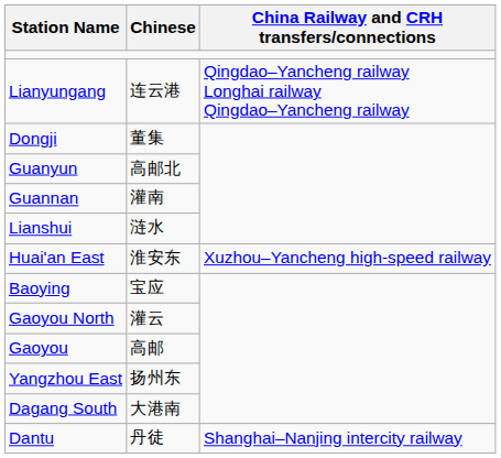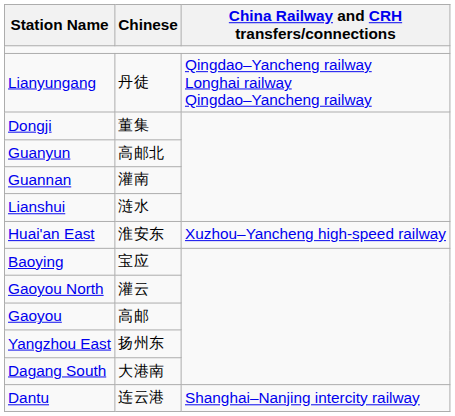 <table class="wikitable">
 <tr>
 <th>Station Name</th>
 <th>Chinese<br> </th>
 <th><a href='#'>China Railway</a> and <a href='#'>CRH</a><br>transfers/connections<br></th>
 </tr>
 <tr style="background:#">
 <td colspan = "11"></td>
 </tr>
 <tr>
 <td><a href='#'>Lianyungang</a></td>
-<td>连云港</td>
+<td>丹徒</td>
 <td><a href='#'>Qingdao–Yancheng railway</a><br><a href='#'>Longhai railway</a><br><a href='#'>Qingdao–Yancheng railway</a></td>
 </tr>
 <tr>
 <td><a href='#'>Dongji</a></td>
 <td>董集</td>
 </tr>
 <tr>
 <td><a href='#'>Guanyun</a></td>
 <td>高邮北</td>
 </tr>
 <tr>
 <td><a href='#'>Guannan</a></td>
 <td>灌南</td>
 </tr>
 <tr>
 <td><a href='#'>Lianshui</a></td>
 <td>涟水</td>
 </tr>
 <tr>
 <td><a href='#'>Huai'an East</a></td>
 <td>淮安东</td>
 <td><a href='#'>Xuzhou–Yancheng high-speed railway</a></td>
 </tr>
 <tr>
 <td><a href='#'>Baoying</a></td>
 <td>宝应</td>
 </tr>
 <tr>
 <td><a href='#'>Gaoyou North</a></td>
 <td>灌云</td>
 </tr>
 <tr>
 <td><a href='#'>Gaoyou</a></td>
 <td>高邮</td>
 </tr>
 <tr>
 <td><a href='#'>Yangzhou East</a></td>
 <td>扬州东</td>
 </tr>
 <tr>
 <td><a href='#'>Dagang South</a></td>
 <td>大港南</td>
 </tr>
 <tr>
 <td><a href='#'>Dantu</a></td>
-<td>丹徒</td>
+<td>连云港</td>
 <td><a href='#'>Shanghai–Nanjing intercity railway</a></td>
 </tr>
 </table>
